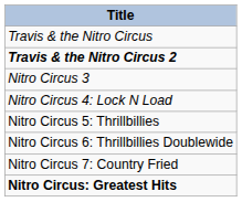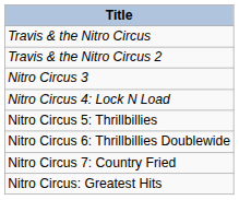 <table class="wikitable">
 <tr style="text-align:center;">
 <th style="background:#B0C4DE;">Title</th>
 </tr>
 <tr>
 <td><em>Travis & the Nitro Circus</em></td>
 </tr>
 <tr>
-<td><strong><em>Travis & the Nitro Circus 2</em></strong></td>
+<td><em>Travis & the Nitro Circus 2</em></td>
 </tr>
 <tr>
 <td><em>Nitro Circus 3</em></td>
 </tr>
 <tr>
 <td><em>Nitro Circus 4: Lock N Load</em></td>
 </tr>
 <tr>
 <td>Nitro Circus 5: Thrillbillies<em></td>
 </tr>
 <tr>
 <td></em>Nitro Circus 6: Thrillbillies Doublewide<em></td>
 </tr>
 <tr>
 <td></em>Nitro Circus 7: Country Fried<em></td>
 </tr>
 <tr>
-<td><strong></em>Nitro Circus: Greatest Hits<em></strong></td>
+<td></em>Nitro Circus: Greatest Hits<em></td>
 </tr>
 </table>
